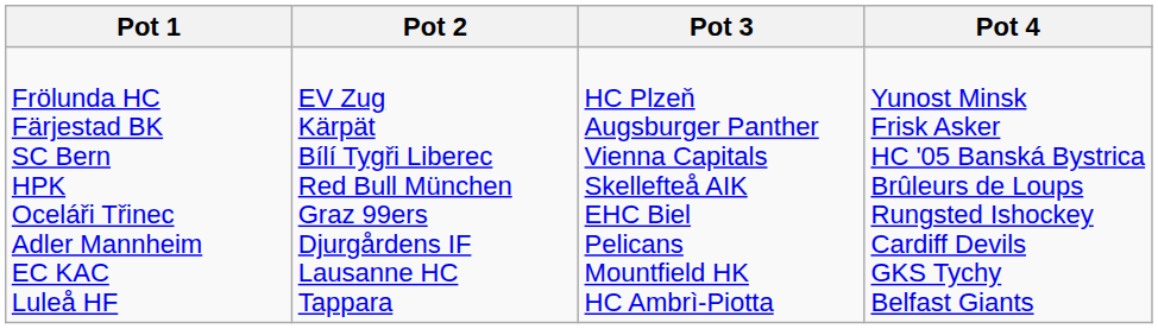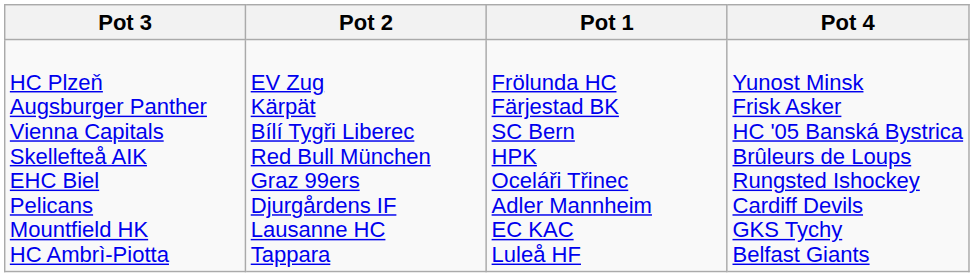 <table class="wikitable" style="font-size: 95%;">
 <tr>
+<th width=25%>Pot 3</th>
+<th width=25%>Pot 2</th>
 <th width=25%>Pot 1</th>
-<th width=25%>Pot 2</th>
-<th width=25%>Pot 3</th>
 <th width=25%>Pot 4</th>
 </tr>
 <tr>
+<td><br> <a href='#'>HC Plzeň</a> <br>  <a href='#'>Augsburger Panther</a> <br>  <a href='#'>Vienna Capitals</a> <br>  <a href='#'>Skellefteå AIK</a> <br>  <a href='#'>EHC Biel</a> <br>  <a href='#'>Pelicans</a> <br>  <a href='#'>Mountfield HK</a> <br>  <a href='#'>HC Ambrì-Piotta</a></td>
+<td><br> <a href='#'>EV Zug</a> <br>  <a href='#'>Kärpät</a> <br>  <a href='#'>Bílí Tygři Liberec</a> <br>  <a href='#'>Red Bull München</a> <br>  <a href='#'>Graz 99ers</a> <br>  <a href='#'>Djurgårdens IF</a> <br>  <a href='#'>Lausanne HC</a> <br>  <a href='#'>Tappara</a></td>
 <td><br> <a href='#'>Frölunda HC</a> <br>  <a href='#'>Färjestad BK</a> <br>  <a href='#'>SC Bern</a> <br>  <a href='#'>HPK</a> <br>  <a href='#'>Oceláři Třinec</a> <br>  <a href='#'>Adler Mannheim</a> <br>  <a href='#'>EC KAC</a> <br>  <a href='#'>Luleå HF</a></td>
-<td><br> <a href='#'>EV Zug</a> <br>  <a href='#'>Kärpät</a> <br>  <a href='#'>Bílí Tygři Liberec</a> <br>  <a href='#'>Red Bull München</a> <br>  <a href='#'>Graz 99ers</a> <br>  <a href='#'>Djurgårdens IF</a> <br>  <a href='#'>Lausanne HC</a> <br>  <a href='#'>Tappara</a></td>
-<td><br> <a href='#'>HC Plzeň</a> <br>  <a href='#'>Augsburger Panther</a> <br>  <a href='#'>Vienna Capitals</a> <br>  <a href='#'>Skellefteå AIK</a> <br>  <a href='#'>EHC Biel</a> <br>  <a href='#'>Pelicans</a> <br>  <a href='#'>Mountfield HK</a> <br>  <a href='#'>HC Ambrì-Piotta</a></td>
 <td><br> <a href='#'>Yunost Minsk</a> <br>  <a href='#'>Frisk Asker</a> <br>  <a href='#'>HC '05 Banská Bystrica</a> <br>  <a href='#'>Brûleurs de Loups</a> <br>  <a href='#'>Rungsted Ishockey</a> <br>  <a href='#'>Cardiff Devils</a> <br>  <a href='#'>GKS Tychy</a> <br>  <a href='#'>Belfast Giants</a></td>
 </tr>
 </table>
